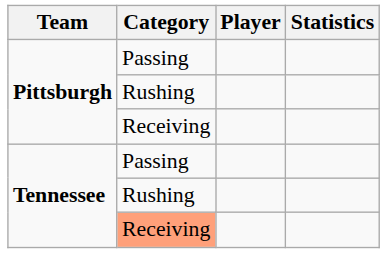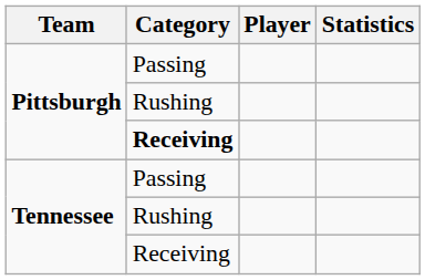 <table class="wikitable" style="float: right;">
 <tr>
 <th>Team</th>
 <th>Category</th>
 <th>Player</th>
 <th>Statistics</th>
 </tr>
 <tr>
 <td rowspan=3><strong>Pittsburgh</strong></td>
 <td>Passing</td>
 <td></td>
 <td></td>
 </tr>
 <tr>
 <td>Rushing</td>
 <td></td>
 <td></td>
 </tr>
 <tr>
-<td>Receiving</td>
+<td><strong>Receiving</strong></td>
 <td></td>
 <td></td>
 </tr>
 <tr>
 <td rowspan=3><strong>Tennessee</strong></td>
 <td>Passing</td>
 <td></td>
 <td></td>
 </tr>
 <tr>
 <td>Rushing</td>
 <td></td>
 <td></td>
 </tr>
 <tr>
-<td style="background: lightsalmon;">Receiving</td>
+<td>Receiving</td>
 <td></td>
 <td></td>
 </tr>
 </table>
